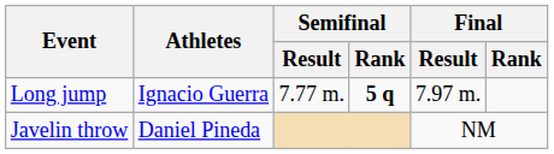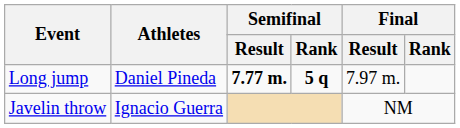 <table class="wikitable" border="1" style="font-size:90%">
 <tr>
 <th rowspan=2>Event</th>
 <th rowspan=2>Athletes</th>
 <th colspan=2>Semifinal</th>
 <th colspan=2>Final</th>
 </tr>
 <tr>
 <th>Result</th>
 <th>Rank</th>
 <th>Result</th>
 <th>Rank</th>
 </tr>
 <tr>
 <td><a href='#'>Long jump</a></td>
-<td><a href='#'>Ignacio Guerra</a></td>
-<td align=center>7.77 m.</td>
+<td><a href='#'>Daniel Pineda</a></td>
+<td align=center><strong>7.77 m.</strong></td>
 <td align=center><strong>5 q</strong></td>
 <td align=center>7.97 m.</td>
 <td align=center></td>
 </tr>
 <tr>
 <td><a href='#'>Javelin throw</a></td>
-<td><a href='#'>Daniel Pineda</a></td>
+<td><a href='#'>Ignacio Guerra</a></td>
 <td align=center colspan=2 bgcolor=wheat></td>
 <td align=center colspan=2>NM</td>
 </tr>
 </table>
